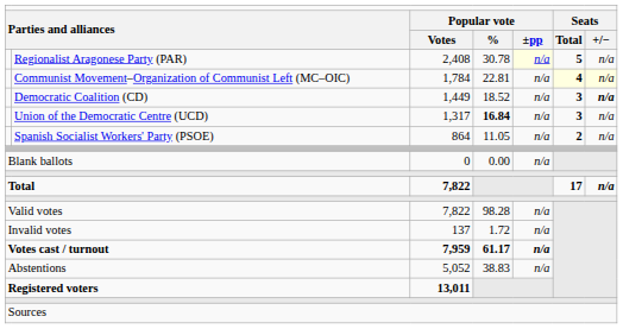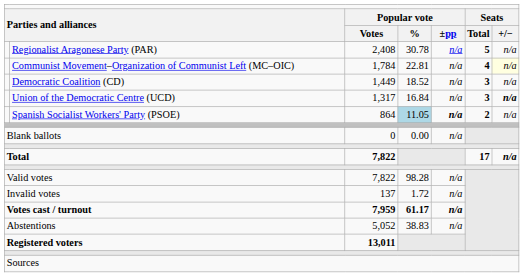 <table class="wikitable" style="text-align:right;">
 <tr>
 <td colspan="7"></td>
 </tr>
 <tr>
 <th style="text-align:left;" rowspan="2" colspan="2" width="525">Parties and alliances</th>
 <th colspan="3">Popular vote</th>
 <th colspan="2">Seats</th>
 </tr>
 <tr>
 <th width="75">Votes</th>
 <th width="45">%</th>
 <th width="45">±<a href='#'>pp</a></th>
 <th width="35">Total</th>
 <th width="35">+/−</th>
 </tr>
 <tr>
 <td width="1" style="color:inherit;background:"></td>
 <td align="left"><a href='#'>Regionalist Aragonese Party</a> (PAR)</td>
 <td>2,408</td>
 <td>30.78</td>
-<td style="background: lightyellow;"><em><a href='#'>n/a</a></em></td>
+<td><em><a href='#'>n/a</a></em></td>
 <td><strong>5</strong></td>
 <td><em>n/a</em></td>
 </tr>
 <tr>
 <td style="color:inherit;background:"></td>
 <td align="left"><a href='#'>Communist Movement</a>–<a href='#'>Organization of Communist Left</a> (MC–OIC)</td>
 <td>1,784</td>
 <td>22.81</td>
 <td><em>n/a</em></td>
-<td style="background: lightyellow;"><strong>4</strong></td>
+<td><strong>4</strong></td>
 <td style="background: lightyellow;"><em>n/a</em></td>
 </tr>
 <tr>
 <td style="color:inherit;background:"></td>
 <td align="left"><a href='#'>Democratic Coalition</a> (CD)</td>
 <td>1,449</td>
 <td>18.52</td>
 <td><em>n/a</em></td>
 <td><strong>3</strong></td>
-<td><strong><em>n/a</em></strong></td>
+<td><em>n/a</em></td>
 </tr>
 <tr>
 <td style="color:inherit;background:"></td>
 <td align="left"><a href='#'>Union of the Democratic Centre</a> (UCD)</td>
 <td>1,317</td>
-<td><strong>16.84</strong></td>
+<td>16.84</td>
 <td><em>n/a</em></td>
 <td><strong>3</strong></td>
-<td><em>n/a</em></td>
+<td><strong><em>n/a</em></strong></td>
 </tr>
 <tr>
 <td style="color:inherit;background:"></td>
 <td align="left"><a href='#'>Spanish Socialist Workers' Party</a> (PSOE)</td>
 <td>864</td>
-<td>11.05</td>
-<td><em>n/a</em></td>
+<td style="background: lightblue;">11.05</td>
+<td><strong><em>n/a</em></strong></td>
 <td><strong>2</strong></td>
 <td><em>n/a</em></td>
 </tr>
 <tr>
 <td colspan="7" bgcolor="#C0C0C0"></td>
 </tr>
 <tr>
 <td align="left" colspan="2">Blank ballots</td>
 <td>0</td>
 <td>0.00</td>
 <td><em>n/a</em></td>
 <td bgcolor="#E9E9E9" colspan="2"></td>
 </tr>
 <tr>
 <td colspan="7" bgcolor="#E9E9E9"></td>
 </tr>
 <tr style="font-weight:bold;">
 <td align="left" colspan="2">Total</td>
 <td>7,822</td>
 <td bgcolor="#E9E9E9" colspan="2"></td>
 <td>17</td>
 <td><em>n/a</em></td>
 </tr>
 <tr>
 <td colspan="7" bgcolor="#E9E9E9"></td>
 </tr>
 <tr>
 <td align="left" colspan="2">Valid votes</td>
 <td>7,822</td>
 <td>98.28</td>
 <td><em>n/a</em></td>
 <td bgcolor="#E9E9E9" colspan="2" rowspan="5"></td>
 </tr>
 <tr>
 <td align="left" colspan="2">Invalid votes</td>
 <td>137</td>
 <td>1.72</td>
 <td><em>n/a</em></td>
 </tr>
 <tr style="font-weight:bold;">
 <td align="left" colspan="2">Votes cast / turnout</td>
 <td>7,959</td>
 <td>61.17</td>
 <td><em>n/a</em></td>
 </tr>
 <tr>
 <td align="left" colspan="2">Abstentions</td>
 <td>5,052</td>
 <td>38.83</td>
 <td><em>n/a</em></td>
 </tr>
 <tr style="font-weight:bold;">
 <td align="left" colspan="2">Registered voters</td>
 <td>13,011</td>
 <td bgcolor="#E9E9E9" colspan="2"></td>
 </tr>
 <tr>
 <td colspan="7" bgcolor="#E9E9E9"></td>
 </tr>
 <tr>
 <td align="left" colspan="7">Sources</td>
 </tr>
 </table>
